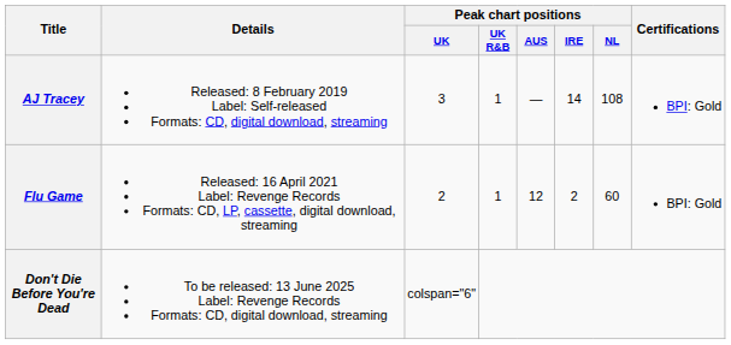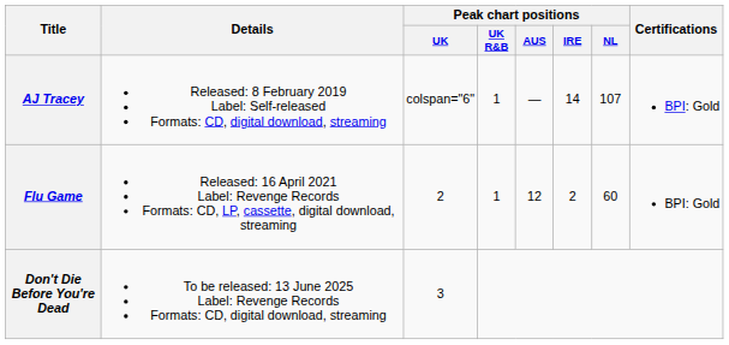 <table class="wikitable plainrowheaders" style="text-align:center;">
 <tr>
 <th scope="col" rowspan="2" style="width:7em;">Title</th>
 <th scope="col" rowspan="2" style="width:23em;">Details</th>
 <th scope="col" colspan="5">Peak chart positions</th>
 <th scope="col" rowspan="2">Certifications</th>
 </tr>
 <tr>
 <th scope="col" style="width:3em;font-size:85%;"><a href='#'>UK</a><br></th>
 <th scope="col" style="width:3em;font-size:85%;"><a href='#'>UK<br>R&B</a><br></th>
 <th scope="col" style="width:3em;font-size:85%;"><a href='#'>AUS</a><br></th>
 <th scope="col" style="width:3em;font-size:85%;"><a href='#'>IRE</a><br></th>
 <th scope="col" style="width:3em;font-size:85%;"><a href='#'>NL</a><br></th>
 </tr>
 <tr>
 <th scope="row"><em><a href='#'>AJ Tracey</a></em></th>
 <td><br><ul><li>Released: 8 February 2019</li><li>Label: Self-released</li><li>Formats: <a href='#'>CD</a>, <a href='#'>digital download</a>, <a href='#'>streaming</a></li></ul></td>
-<td>3</td>
+<td>colspan="6" </td>
 <td>1</td>
 <td>—</td>
 <td>14</td>
-<td>108</td>
+<td>107</td>
 <td><br><ul><li><a href='#'>BPI</a>: Gold</li></ul></td>
 </tr>
 <tr>
 <th scope="row"><em><a href='#'>Flu Game</a></em></th>
 <td><br><ul><li>Released: 16 April 2021</li><li>Label: Revenge Records</li><li>Formats: CD, <a href='#'>LP</a>, <a href='#'>cassette</a>, digital download, streaming</li></ul></td>
 <td>2</td>
 <td>1</td>
 <td>12</td>
 <td>2</td>
 <td>60</td>
 <td><br><ul><li>BPI: Gold</li></ul></td>
 </tr>
 <tr>
 <th scope="row"><em>Don't Die Before You're Dead</em></th>
 <td><br><ul><li>To be released: 13 June 2025</li><li>Label: Revenge Records</li><li>Formats: CD, digital download, streaming</li></ul></td>
-<td>colspan="6" </td>
+<td>3</td>
 </tr>
 </table>
